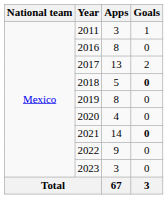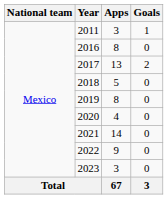 <table class="wikitable" style="text-align:center">
 <tr>
 <th>National team</th>
 <th>Year</th>
 <th>Apps</th>
 <th>Goals</th>
 </tr>
 <tr>
 <td rowspan="9"><a href='#'>Mexico</a></td>
 <td>2011</td>
 <td>3</td>
 <td>1</td>
 </tr>
 <tr>
 <td>2016</td>
 <td>8</td>
 <td>0</td>
 </tr>
 <tr>
 <td>2017</td>
 <td>13</td>
 <td>2</td>
 </tr>
 <tr>
 <td>2018</td>
 <td>5</td>
-<td><strong>0</strong></td>
+<td>0</td>
 </tr>
 <tr>
 <td>2019</td>
 <td>8</td>
 <td>0</td>
 </tr>
 <tr>
 <td>2020</td>
 <td>4</td>
 <td>0</td>
 </tr>
 <tr>
 <td>2021</td>
 <td>14</td>
-<td><strong>0</strong></td>
+<td>0</td>
 </tr>
 <tr>
 <td>2022</td>
 <td>9</td>
 <td>0</td>
 </tr>
 <tr>
 <td>2023</td>
 <td>3</td>
 <td>0</td>
 </tr>
 <tr>
 <th colspan="2">Total</th>
 <th>67</th>
 <th>3</th>
 </tr>
 </table>
